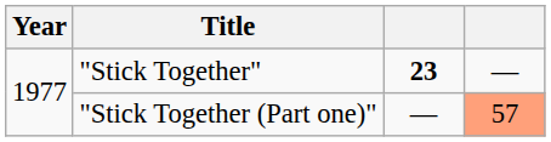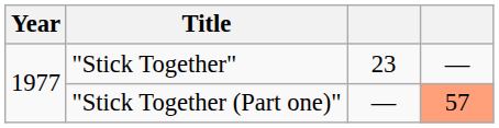 <table class="wikitable">
 <tr>
 <th>Year</th>
 <th>Title</th>
 <th width="40"></th>
 <th width="40"></th>
 </tr>
 <tr>
 <td rowspan=2>1977</td>
 <td>"Stick Together"</td>
-<td style="text-align:center;"><strong>23</strong></td>
+<td style="text-align:center;">23</td>
 <td style="text-align:center;">—</td>
 </tr>
 <tr>
 <td>"Stick Together (Part one)"</td>
 <td style="text-align:center;">—</td>
 <td style="background: lightsalmon; text-align:center;">57</td>
 </tr>
 </table>
